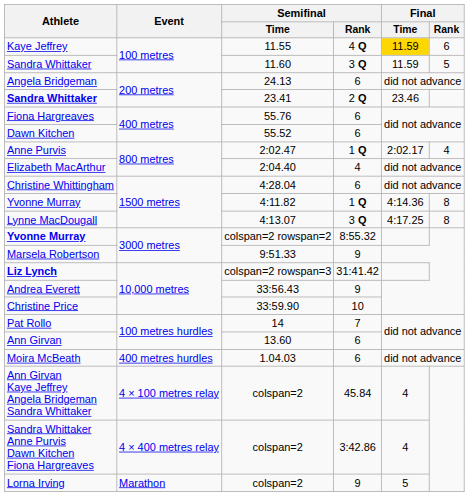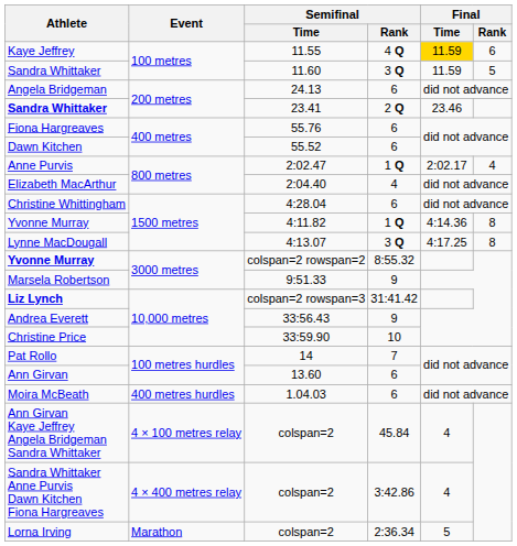 <table class="wikitable" style="font-size:90%">
 <tr>
 <th rowspan="2">Athlete</th>
 <th rowspan="2">Event</th>
 <th colspan="2">Semifinal</th>
 <th colspan="2">Final</th>
 </tr>
 <tr style="font-size:95%">
 <th>Time</th>
 <th>Rank</th>
 <th>Time</th>
 <th>Rank</th>
 </tr>
 <tr align=center>
 <td align=left><a href='#'>Kaye Jeffrey</a></td>
 <td align=left rowspan=2><a href='#'>100 metres</a></td>
 <td>11.55</td>
 <td>4 <strong>Q</strong></td>
 <td style="background: gold;">11.59</td>
 <td>6</td>
 </tr>
 <tr align=center>
 <td align=left><a href='#'>Sandra Whittaker</a></td>
 <td>11.60</td>
 <td>3 <strong>Q</strong></td>
 <td>11.59</td>
 <td>5</td>
 </tr>
 <tr align=center>
 <td align=left><a href='#'>Angela Bridgeman</a></td>
 <td align=left rowspan=2><a href='#'>200 metres</a></td>
 <td>24.13</td>
 <td>6</td>
 <td colspan=2>did not advance</td>
 </tr>
 <tr align=center>
 <td align=left><strong><a href='#'>Sandra Whittaker</a></strong></td>
 <td>23.41</td>
 <td>2 <strong>Q</strong></td>
 <td>23.46</td>
 <td></td>
 </tr>
 <tr align=center>
 <td align=left><a href='#'>Fiona Hargreaves</a></td>
 <td align=left rowspan=2><a href='#'>400 metres</a></td>
 <td>55.76</td>
 <td>6</td>
 <td colspan=2 rowspan=2>did not advance</td>
 </tr>
 <tr align=center>
 <td align=left><a href='#'>Dawn Kitchen</a></td>
 <td>55.52</td>
 <td>6</td>
 </tr>
 <tr align=center>
 <td align=left><a href='#'>Anne Purvis</a></td>
 <td align=left rowspan=2><a href='#'>800 metres</a></td>
 <td>2:02.47</td>
 <td>1 <strong>Q</strong></td>
 <td>2:02.17</td>
 <td>4</td>
 </tr>
 <tr align=center>
 <td align=left><a href='#'>Elizabeth MacArthur</a></td>
 <td>2:04.40</td>
 <td>4</td>
 <td colspan=2>did not advance</td>
 </tr>
 <tr align=center>
 <td align=left><a href='#'>Christine Whittingham</a></td>
 <td rowspan=3 align=left><a href='#'>1500 metres</a></td>
 <td>4:28.04</td>
 <td>6</td>
 <td colspan=2>did not advance</td>
 </tr>
 <tr align=center>
 <td align=left><a href='#'>Yvonne Murray</a></td>
 <td>4:11.82</td>
 <td>1 <strong>Q</strong></td>
 <td>4:14.36</td>
 <td>8</td>
 </tr>
 <tr align=center>
 <td align=left><a href='#'>Lynne MacDougall</a></td>
 <td>4:13.07</td>
 <td>3 <strong>Q</strong></td>
 <td>4:17.25</td>
 <td>8</td>
 </tr>
 <tr align=center>
 <td align=left><strong><a href='#'>Yvonne Murray</a></strong></td>
 <td align=left rowspan=2><a href='#'>3000 metres</a></td>
 <td>colspan=2 rowspan=2 </td>
 <td>8:55.32</td>
 <td></td>
 </tr>
 <tr align=center>
 <td align=left><a href='#'>Marsela Robertson</a></td>
 <td>9:51.33</td>
 <td>9</td>
 </tr>
 <tr align=center>
 <td align=left><strong><a href='#'>Liz Lynch</a></strong></td>
 <td align=left rowspan=3><a href='#'>10,000 metres</a></td>
 <td>colspan=2 rowspan=3 </td>
 <td>31:41.42</td>
 <td></td>
 </tr>
 <tr align=center>
 <td align=left><a href='#'>Andrea Everett</a></td>
 <td>33:56.43</td>
 <td>9</td>
 </tr>
 <tr align=center>
 <td align=left><a href='#'>Christine Price</a></td>
 <td>33:59.90</td>
 <td>10</td>
 </tr>
 <tr align=center>
 <td align=left><a href='#'>Pat Rollo</a></td>
 <td rowspan=2 align=left><a href='#'>100 metres hurdles</a></td>
 <td>14</td>
 <td>7</td>
 <td colspan=2 rowspan=2>did not advance</td>
 </tr>
 <tr align=center>
 <td align=left><a href='#'>Ann Girvan</a></td>
 <td>13.60</td>
 <td>6</td>
 </tr>
 <tr align=center>
 <td align=left><a href='#'>Moira McBeath</a></td>
 <td align=left><a href='#'>400 metres hurdles</a></td>
 <td>1.04.03</td>
 <td>6</td>
 <td colspan=2>did not advance</td>
 </tr>
 <tr align=center>
 <td align=left><a href='#'>Ann Girvan</a><br><a href='#'>Kaye Jeffrey</a><br><a href='#'>Angela Bridgeman</a><br><a href='#'>Sandra Whittaker</a></td>
 <td align=left><a href='#'>4 × 100 metres relay</a></td>
 <td>colspan=2 </td>
 <td>45.84</td>
 <td>4</td>
 </tr>
 <tr align=center>
 <td align=left><a href='#'>Sandra Whittaker</a><br><a href='#'>Anne Purvis</a><br><a href='#'>Dawn Kitchen</a><br><a href='#'>Fiona Hargreaves</a></td>
 <td align=left><a href='#'>4 × 400 metres relay</a></td>
 <td>colspan=2 </td>
 <td>3:42.86</td>
 <td>4</td>
 </tr>
 <tr align=center>
 <td align=left><a href='#'>Lorna Irving</a></td>
 <td align=left><a href='#'>Marathon</a></td>
 <td>colspan=2 </td>
-<td>9</td>
+<td>2:36.34</td>
 <td>5</td>
 </tr>
 </table>
